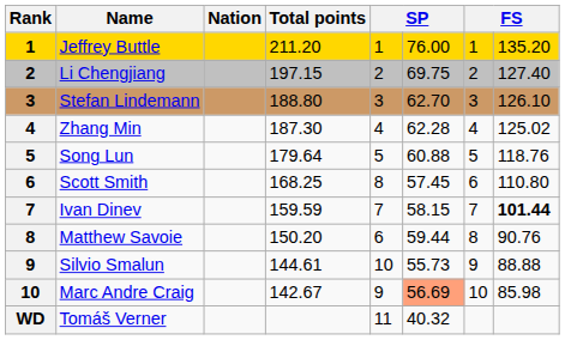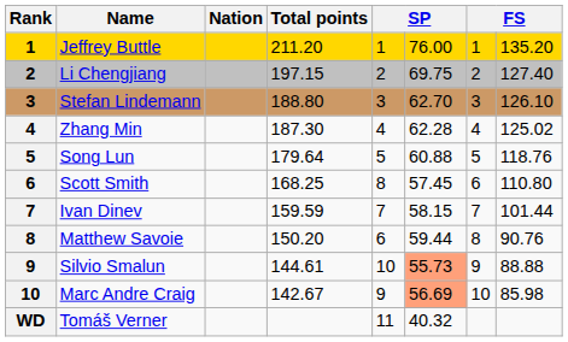 <table class="wikitable">
 <tr>
 <th>Rank</th>
 <th>Name</th>
 <th>Nation</th>
 <th>Total points</th>
 <th colspan="2" width="80px"><a href='#'>SP</a></th>
 <th colspan="2" width="80px"><a href='#'>FS</a></th>
 </tr>
 <tr bgcolor="gold">
 <td align="center"><strong>1</strong></td>
 <td><a href='#'>Jeffrey Buttle</a></td>
 <td></td>
 <td>211.20</td>
 <td>1</td>
 <td>76.00</td>
 <td>1</td>
 <td>135.20</td>
 </tr>
 <tr bgcolor="silver">
 <td align="center"><strong>2</strong></td>
 <td><a href='#'>Li Chengjiang</a></td>
 <td></td>
 <td>197.15</td>
 <td>2</td>
 <td>69.75</td>
 <td>2</td>
 <td>127.40</td>
 </tr>
 <tr bgcolor="cc9966">
 <td align="center"><strong>3</strong></td>
 <td><a href='#'>Stefan Lindemann</a></td>
 <td></td>
 <td>188.80</td>
 <td>3</td>
 <td>62.70</td>
 <td>3</td>
 <td>126.10</td>
 </tr>
 <tr>
 <th>4</th>
 <td><a href='#'>Zhang Min</a></td>
 <td></td>
 <td>187.30</td>
 <td>4</td>
 <td>62.28</td>
 <td>4</td>
 <td>125.02</td>
 </tr>
 <tr>
 <th>5</th>
 <td><a href='#'>Song Lun</a></td>
 <td></td>
 <td>179.64</td>
 <td>5</td>
 <td>60.88</td>
 <td>5</td>
 <td>118.76</td>
 </tr>
 <tr>
 <th>6</th>
 <td><a href='#'>Scott Smith</a></td>
 <td></td>
 <td>168.25</td>
 <td>8</td>
 <td>57.45</td>
 <td>6</td>
 <td>110.80</td>
 </tr>
 <tr>
 <th>7</th>
 <td><a href='#'>Ivan Dinev</a></td>
 <td></td>
 <td>159.59</td>
 <td>7</td>
 <td>58.15</td>
 <td>7</td>
-<td><strong>101.44</strong></td>
+<td>101.44</td>
 </tr>
 <tr>
 <th>8</th>
 <td><a href='#'>Matthew Savoie</a></td>
 <td></td>
 <td>150.20</td>
 <td>6</td>
 <td>59.44</td>
 <td>8</td>
 <td>90.76</td>
 </tr>
 <tr>
 <th>9</th>
 <td><a href='#'>Silvio Smalun</a></td>
 <td></td>
 <td>144.61</td>
 <td>10</td>
-<td>55.73</td>
+<td style="background: lightsalmon;">55.73</td>
 <td>9</td>
 <td>88.88</td>
 </tr>
 <tr>
 <th>10</th>
 <td><a href='#'>Marc Andre Craig</a></td>
 <td></td>
 <td>142.67</td>
 <td>9</td>
 <td style="background: lightsalmon;">56.69</td>
 <td>10</td>
 <td>85.98</td>
 </tr>
 <tr>
 <th>WD</th>
 <td><a href='#'>Tomáš Verner</a></td>
 <td></td>
 <td></td>
 <td>11</td>
 <td>40.32</td>
 <td></td>
 <td></td>
 </tr>
 </table>
